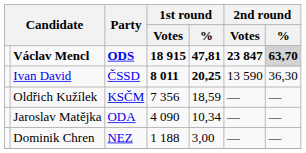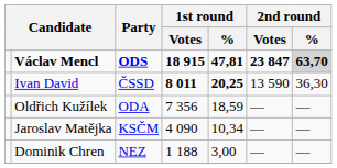 <table class="wikitable sortable">
 <tr>
 <th colspan="2" rowspan="2">Candidate</th>
 <th rowspan="2">Party</th>
 <th colspan="2">1st round</th>
 <th colspan="2">2nd round</th>
 </tr>
 <tr>
 <th>Votes</th>
 <th>%</th>
 <th>Votes</th>
 <th>%</th>
 </tr>
 <tr>
 <td style="background-color:"></td>
 <td><strong>Václav Mencl</strong></td>
 <td><a href='#'><strong>ODS</strong></a></td>
 <td><strong>18 915</strong></td>
 <td><strong>47,81</strong></td>
 <td><strong>23 847</strong></td>
 <td style="background: lightgrey;"><strong>63,70</strong></td>
 </tr>
 <tr>
 <td style="background-color:"></td>
 <td><a href='#'>Ivan David</a></td>
 <td><a href='#'>ČSSD</a></td>
 <td><strong>8 011</strong></td>
 <td><strong>20,25</strong></td>
 <td>13 590</td>
 <td>36,30</td>
 </tr>
 <tr>
 <td style="background-color:"></td>
 <td>Oldřich Kužílek</td>
-<td><a href='#'>KSČM</a></td>
+<td><a href='#'>ODA</a></td>
 <td>7 356</td>
 <td>18,59</td>
 <td>—</td>
 <td>—</td>
 </tr>
 <tr>
 <td style="background-color:"></td>
 <td>Jaroslav Matějka</td>
-<td><a href='#'>ODA</a></td>
+<td><a href='#'>KSČM</a></td>
 <td>4 090</td>
 <td>10,34</td>
 <td>—</td>
 <td>—</td>
 </tr>
 <tr>
 <td style="background-color:"></td>
 <td>Dominik Chren</td>
 <td><a href='#'>NEZ</a></td>
 <td>1 188</td>
 <td>3,00</td>
 <td>—</td>
 <td>—</td>
 </tr>
 <tr>
 </tr>
 </table>
